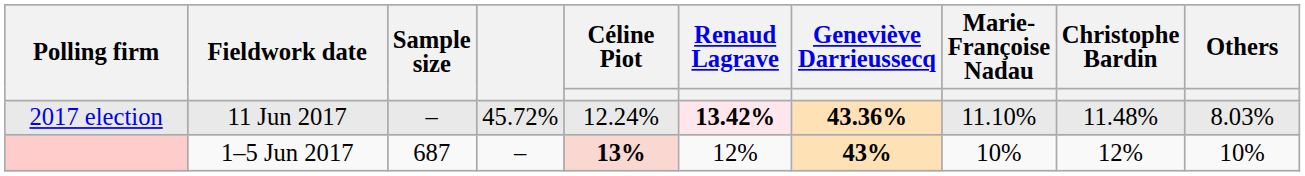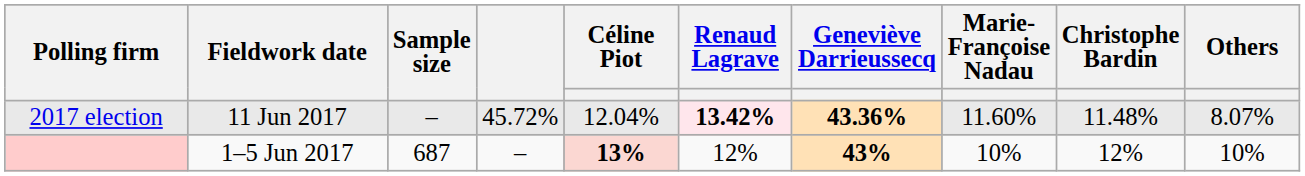 <table class="wikitable sortable" style="text-align:center;font-size:90%;line-height:14px;">
 <tr style="height:40px;">
 <th style="width:100px;" rowspan="2">Polling firm</th>
 <th style="width:110px;" rowspan="2">Fieldwork date</th>
 <th style="width:35px;" rowspan="2">Sample<br>size</th>
 <th style="width:30px;" rowspan="2"></th>
 <th class="unsortable" style="width:60px;">Céline Piot<br></th>
 <th class="unsortable" style="width:60px;"><a href='#'>Renaud Lagrave</a><br></th>
 <th class="unsortable" style="width:60px;"><a href='#'>Geneviève Darrieussecq</a><br></th>
 <th class="unsortable" style="width:60px;">Marie-Françoise Nadau<br></th>
 <th class="unsortable" style="width:60px;">Christophe Bardin<br></th>
 <th class="unsortable" style="width:60px;">Others</th>
 </tr>
 <tr>
 <th style="background:"></th>
 <th style="background:"></th>
 <th style="background:"></th>
 <th style="background:"></th>
 <th style="background:"></th>
 <th style="background:"></th>
 </tr>
 <tr style="background:#E9E9E9;">
 <td><a href='#'>2017 election</a></td>
 <td data-sort-value="2017-06-11">11 Jun 2017</td>
 <td>–</td>
 <td>45.72%</td>
-<td>12.24%</td>
+<td>12.04%</td>
 <td style="background:#FFE6EC;"><strong>13.42%</strong></td>
 <td style="background:#FFE1B6;"><strong>43.36%</strong></td>
-<td>11.10%</td>
+<td>11.60%</td>
 <td>11.48%</td>
-<td>8.03%</td>
+<td>8.07%</td>
 </tr>
 <tr>
 <td style="background:#FFCCCC;"></td>
 <td data-sort-value="2017-06-05">1–5 Jun 2017</td>
 <td>687</td>
 <td>–</td>
 <td style="background:#FBD7D2;"><strong>13%</strong></td>
 <td>12%</td>
 <td style="background:#FFE1B6;"><strong>43%</strong></td>
 <td>10%</td>
 <td>12%</td>
 <td>10%</td>
 </tr>
 </table>
